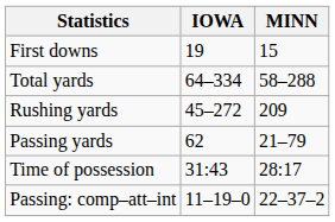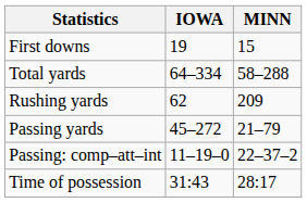 <table class="wikitable" style="float: left;">
 <tr>
 <th>Statistics</th>
 <th>IOWA</th>
 <th>MINN</th>
 </tr>
 <tr>
 <td>First downs</td>
 <td>19</td>
 <td>15</td>
 </tr>
 <tr>
 <td>Total yards</td>
 <td>64–334</td>
 <td>58–288</td>
 </tr>
 <tr>
 <td>Rushing yards</td>
-<td>45–272</td>
+<td>62</td>
 <td>209</td>
 </tr>
 <tr>
 <td>Passing yards</td>
-<td>62</td>
+<td>45–272</td>
 <td>21–79</td>
+</tr>
+<tr>
+<td>Passing: comp–att–int</td>
+<td>11–19–0</td>
+<td>22–37–2</td>
 </tr>
 <tr>
 <td>Time of possession</td>
 <td>31:43</td>
 <td>28:17</td>
 </tr>
 <tr>
-<td>Passing: comp–att–int</td>
-<td>11–19–0</td>
-<td>22–37–2</td>
-</tr>
-<tr>
 </tr>
 </table>
